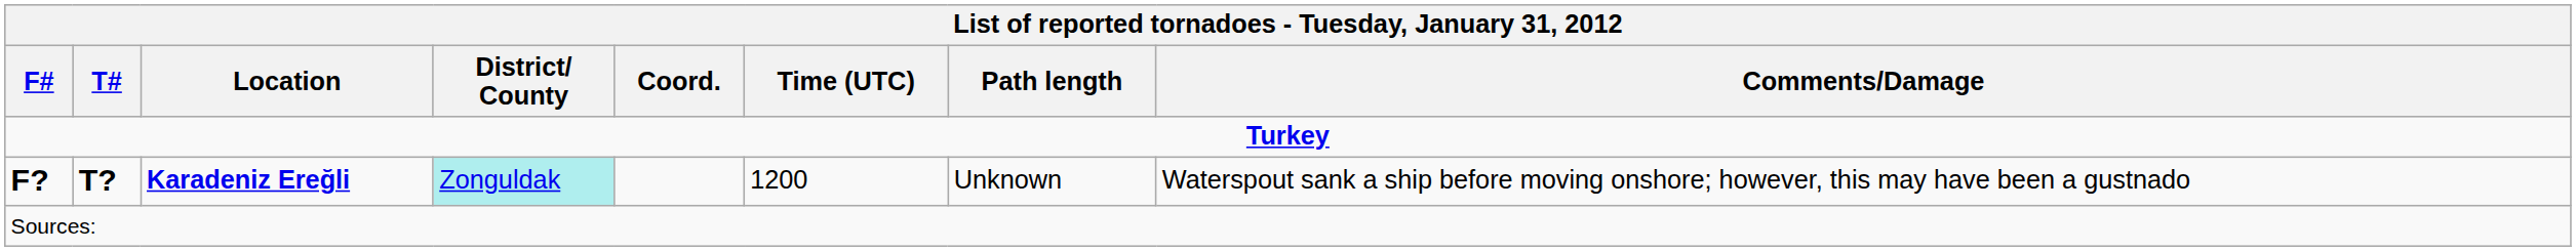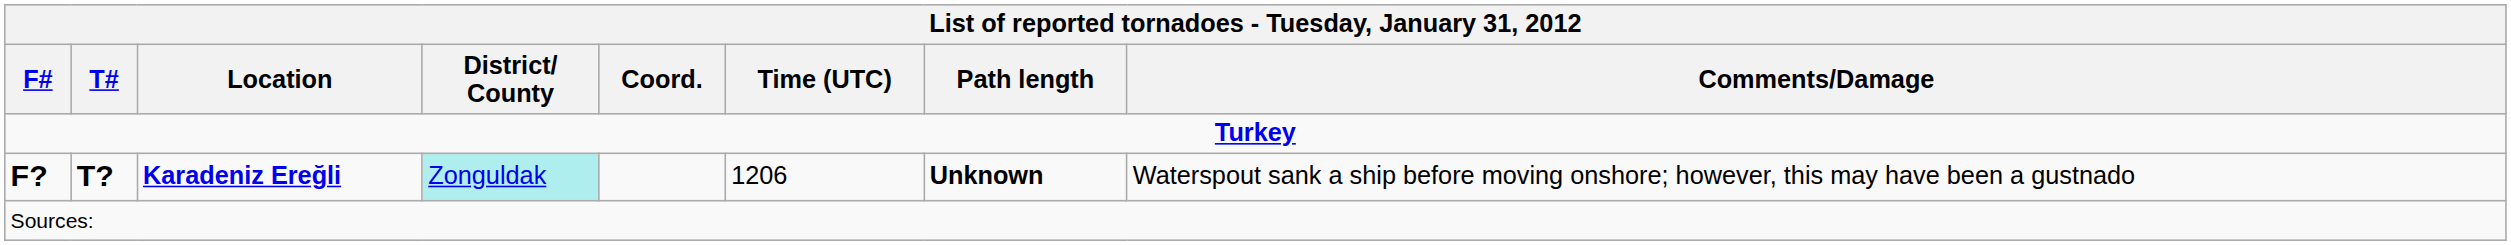 <table class="wikitable collapsible" width="100%">
 <tr>
 <th colspan="8">List of reported tornadoes - Tuesday, January 31, 2012</th>
 </tr>
 <tr>
 <th><a href='#'>F#</a></th>
 <th><a href='#'>T#</a></th>
 <th>Location</th>
 <th>District/<br>County</th>
 <th>Coord.</th>
 <th>Time (UTC)</th>
 <th>Path length</th>
 <th>Comments/Damage</th>
 </tr>
 <tr>
 <td colspan="8" align=center><strong><a href='#'>Turkey</a></strong></td>
 </tr>
 <tr>
 <td><big><strong>F?</strong></big></td>
 <td><big><strong>T?</strong></big></td>
 <td><strong><a href='#'>Karadeniz Ereğli</a></strong></td>
 <td style="background: paleturquoise;"><a href='#'>Zonguldak</a></td>
 <td></td>
-<td>1200</td>
-<td>Unknown</td>
+<td>1206</td>
+<td><strong>Unknown</strong></td>
 <td>Waterspout sank a ship before moving onshore; however, this may have been a gustnado</td>
 </tr>
 <tr>
 <td colspan="8"><small>Sources:  </small></td>
 </tr>
 </table>
